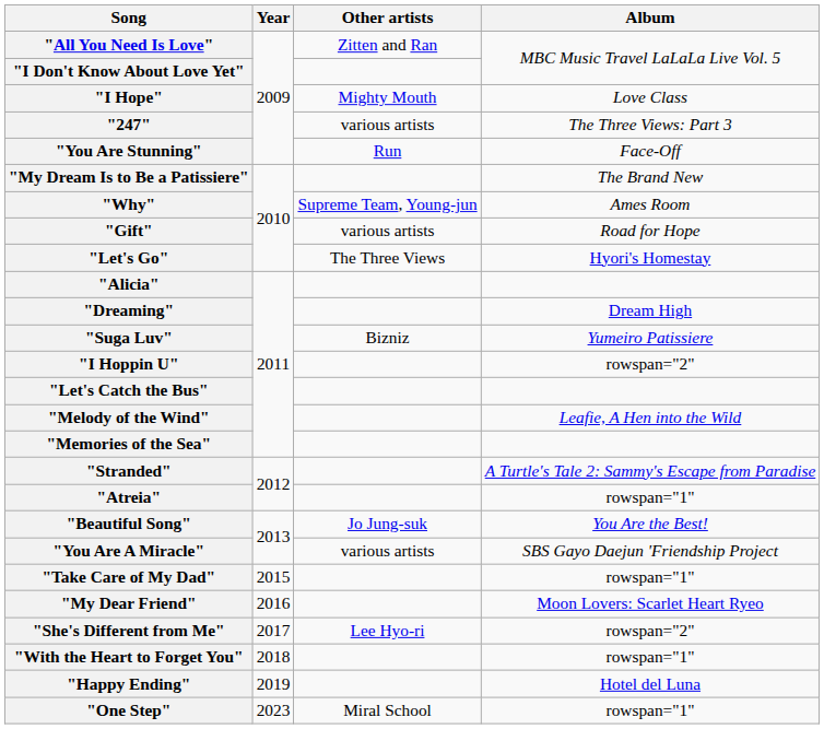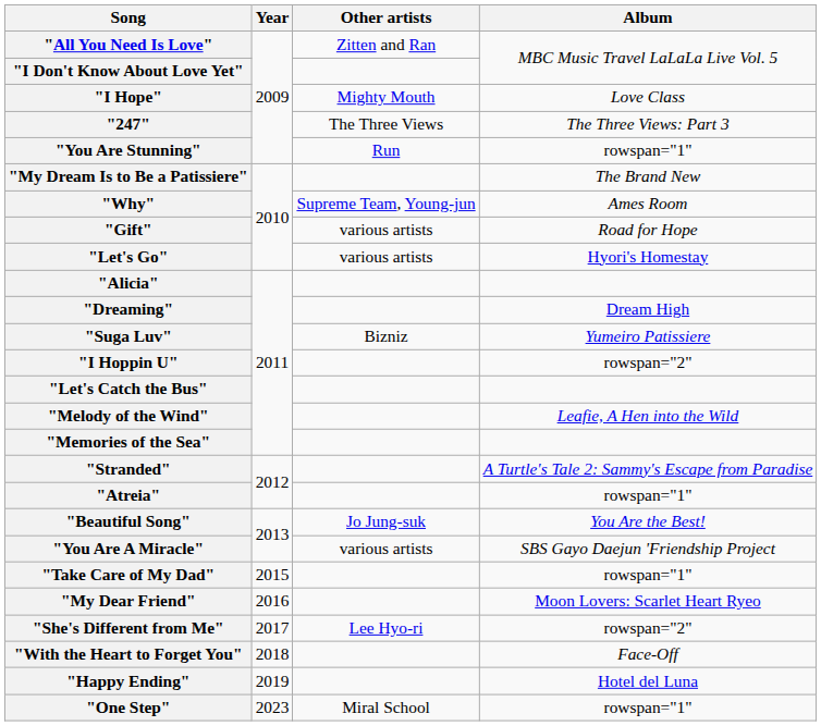 <table class="wikitable plainrowheaders" style="text-align:center;">
 <tr>
 <th scope="col">Song</th>
 <th scope="col">Year</th>
 <th scope="col">Other artists</th>
 <th scope="col">Album</th>
 </tr>
 <tr>
 <th scope="row">"<a href='#'>All You Need Is Love</a>"<br></th>
 <td rowspan="5">2009</td>
 <td><a href='#'>Zitten</a> and <a href='#'>Ran</a></td>
 <td align="center" rowspan="2"><em>MBC Music Travel LaLaLa Live Vol. 5</em></td>
 </tr>
 <tr>
 <th scope="row">"I Don't Know About Love Yet"<br></th>
 <td></td>
 </tr>
 <tr>
 <th scope="row">"I Hope"</th>
 <td><a href='#'>Mighty Mouth</a></td>
 <td align="center"><em>Love Class</em></td>
 </tr>
 <tr>
 <th scope="row">"247"</th>
-<td>various artists</td>
+<td>The Three Views</td>
 <td align="center"><em>The Three Views: Part 3</em></td>
 </tr>
 <tr>
 <th scope="row">"You Are Stunning"</th>
 <td><a href='#'>Run</a></td>
-<td align="center"><em>Face-Off</em></td>
+<td>rowspan="1" </td>
 </tr>
 <tr>
 <th scope="row">"My Dream Is to Be a Patissiere"</th>
 <td rowspan="4">2010</td>
 <td></td>
 <td align="center"><em>The Brand New</em></td>
 </tr>
 <tr>
 <th scope="row">"Why"</th>
 <td><a href='#'>Supreme Team</a>, <a href='#'>Young-jun</a></td>
 <td align="center"><em>Ames Room</em></td>
 </tr>
 <tr>
 <th scope="row">"Gift"</th>
 <td>various artists</td>
 <td align="center"><em>Road for Hope</em></td>
 </tr>
 <tr>
 <th scope="row">"Let's Go"</th>
-<td>The Three Views</td>
+<td>various artists</td>
 <td></em><a href='#'>Hyori's Homestay</a><em></td>
 </tr>
 <tr>
 <th scope="row">"Alicia"</th>
 <td rowspan="7">2011</td>
 <td></td>
 </tr>
 <tr>
 <th scope="row">"Dreaming"</th>
 <td></td>
 <td><a href='#'>Dream High</a></td>
 </tr>
 <tr>
 <th scope="row">"Suga Luv"<br></th>
 <td>Bizniz</td>
 <td><em><a href='#'>Yumeiro Patissiere</a></em></td>
 </tr>
 <tr>
 <th scope="row">"I Hoppin U"</th>
 <td></td>
 <td>rowspan="2" </td>
 </tr>
 <tr>
 <th scope="row">"Let's Catch the Bus"</th>
 <td></td>
 </tr>
 <tr>
 <th scope="row">"Melody of the Wind"</th>
 <td></td>
 <td><em><a href='#'>Leafie, A Hen into the Wild</a></em></td>
 </tr>
 <tr>
 <th scope="row">"Memories of the Sea"</th>
 <td></td>
 <td></td>
 </tr>
 <tr>
 <th scope="row">"Stranded"<br></th>
 <td rowspan="2">2012</td>
 <td></td>
 <td><em><a href='#'>A Turtle's Tale 2: Sammy's Escape from Paradise</a></em></td>
 </tr>
 <tr>
 <th scope="row">"Atreia"</th>
 <td></td>
 <td>rowspan="1" </td>
 </tr>
 <tr>
 <th scope="row">"Beautiful Song"</th>
 <td rowspan="2">2013</td>
 <td><a href='#'>Jo Jung-suk</a></td>
 <td><em><a href='#'>You Are the Best!</a></em></td>
 </tr>
 <tr>
 <th scope="row">"You Are A Miracle"</th>
 <td>various artists</td>
 <td><em>SBS Gayo Daejun 'Friendship Project<strong></td>
 </tr>
 <tr>
 <th scope="row">"Take Care of My Dad"</th>
 <td rowspan="1">2015</td>
 <td></td>
 <td>rowspan="1" </td>
 </tr>
 <tr>
 <th scope="row">"My Dear Friend"</th>
 <td>2016</td>
 <td></td>
 <td></em><a href='#'>Moon Lovers: Scarlet Heart Ryeo</a><em></td>
 </tr>
 <tr>
 <th scope="row">"She's Different from Me"</th>
 <td>2017</td>
 <td><a href='#'>Lee Hyo-ri</a></td>
 <td>rowspan="2" </td>
 </tr>
 <tr>
 <th scope="row">"With the Heart to Forget You"</th>
 <td>2018</td>
 <td></td>
-<td>rowspan="1" </td>
+<td align="center"><em>Face-Off</em></td>
 </tr>
 <tr>
 <th scope="row">"Happy Ending"</th>
 <td>2019</td>
 <td></td>
 <td></em><a href='#'>Hotel del Luna</a><em></td>
 </tr>
 <tr>
 <th scope="row">"One Step"</th>
 <td>2023</td>
 <td>Miral School</td>
 <td>rowspan="1" </td>
 </tr>
 </table>
